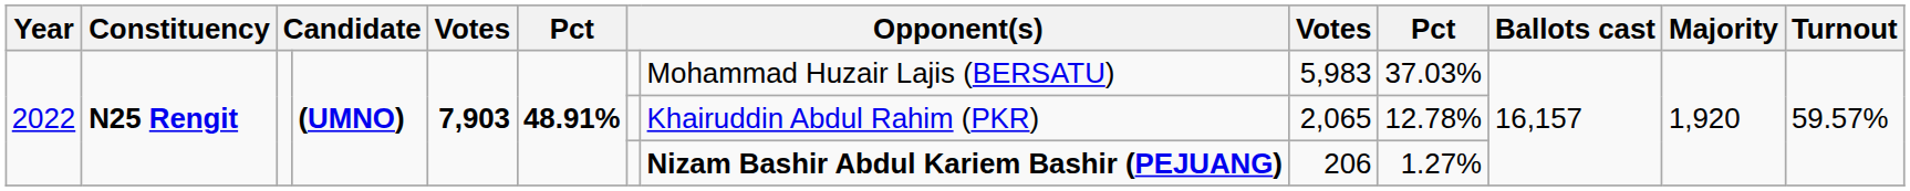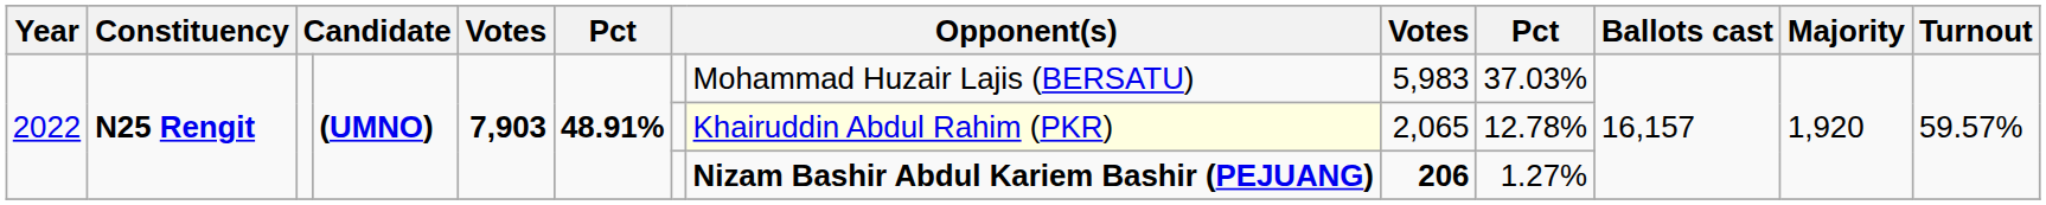 <table class="wikitable" style="margin:0.5em ; font-size:95%">
 <tr>
 <th>Year</th>
 <th>Constituency</th>
 <th colspan="2">Candidate</th>
 <th>Votes</th>
 <th>Pct</th>
 <th colspan="2">Opponent(s)</th>
 <th>Votes</th>
 <th>Pct</th>
 <th>Ballots cast</th>
 <th>Majority</th>
 <th>Turnout</th>
 </tr>
 <tr>
 <td rowspan="3"><a href='#'>2022</a></td>
 <td rowspan="3"><strong>N25 <a href='#'>Rengit</a></strong></td>
 <td rowspan="3" ></td>
 <td rowspan="3"><strong> (<a href='#'>UMNO</a>)</strong></td>
 <td rowspan="3" align=right><strong>7,903</strong></td>
 <td rowspan="3"><strong>48.91%</strong></td>
 <td></td>
 <td>Mohammad Huzair Lajis (<a href='#'>BERSATU</a>)</td>
 <td align=right>5,983</td>
 <td>37.03%</td>
 <td rowspan="3">16,157</td>
 <td rowspan="3">1,920</td>
 <td rowspan="3">59.57%</td>
 </tr>
 <tr>
 <td></td>
-<td><a href='#'>Khairuddin Abdul Rahim</a> (<a href='#'>PKR</a>)</td>
+<td style="background: lightyellow;"><a href='#'>Khairuddin Abdul Rahim</a> (<a href='#'>PKR</a>)</td>
 <td align=right>2,065</td>
 <td>12.78%</td>
 </tr>
 <tr>
 <td></td>
 <td><strong>Nizam Bashir Abdul Kariem Bashir (<a href='#'>PEJUANG</a>)</strong></td>
-<td align=right>206</td>
+<td align=right><strong>206</strong></td>
 <td align=right>1.27%</td>
 </tr>
 </table>
